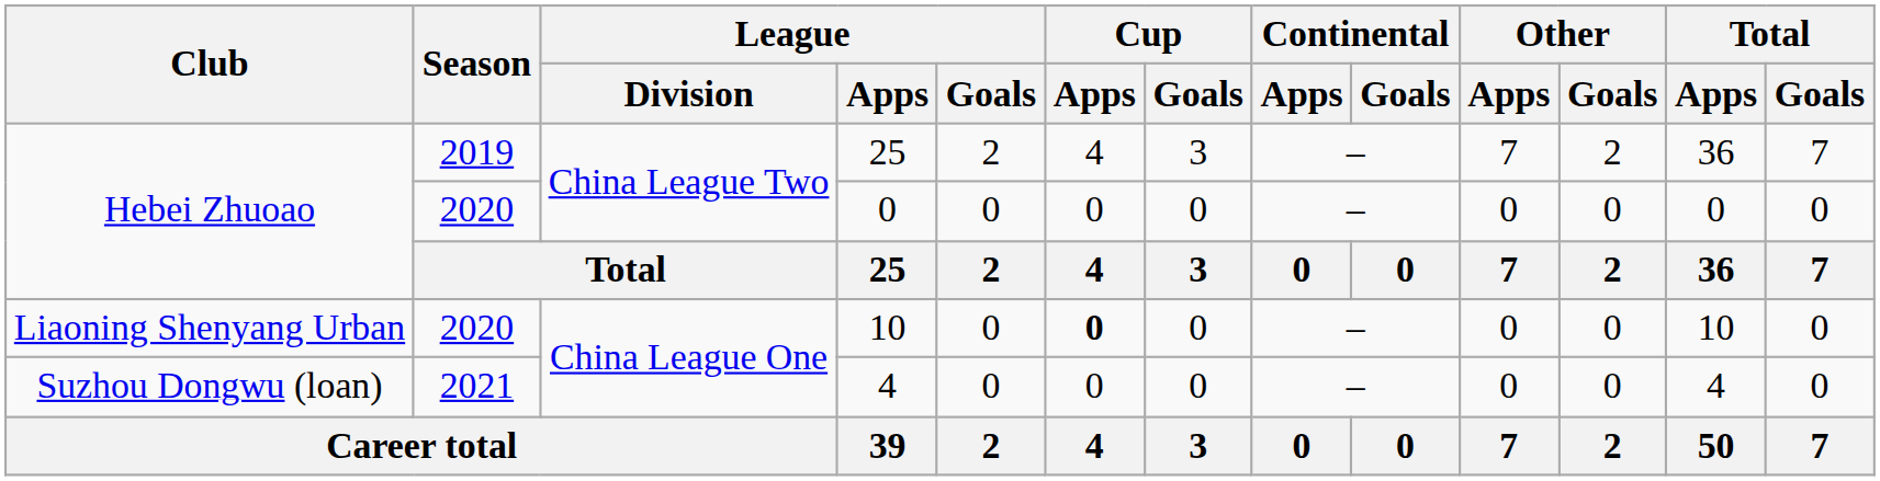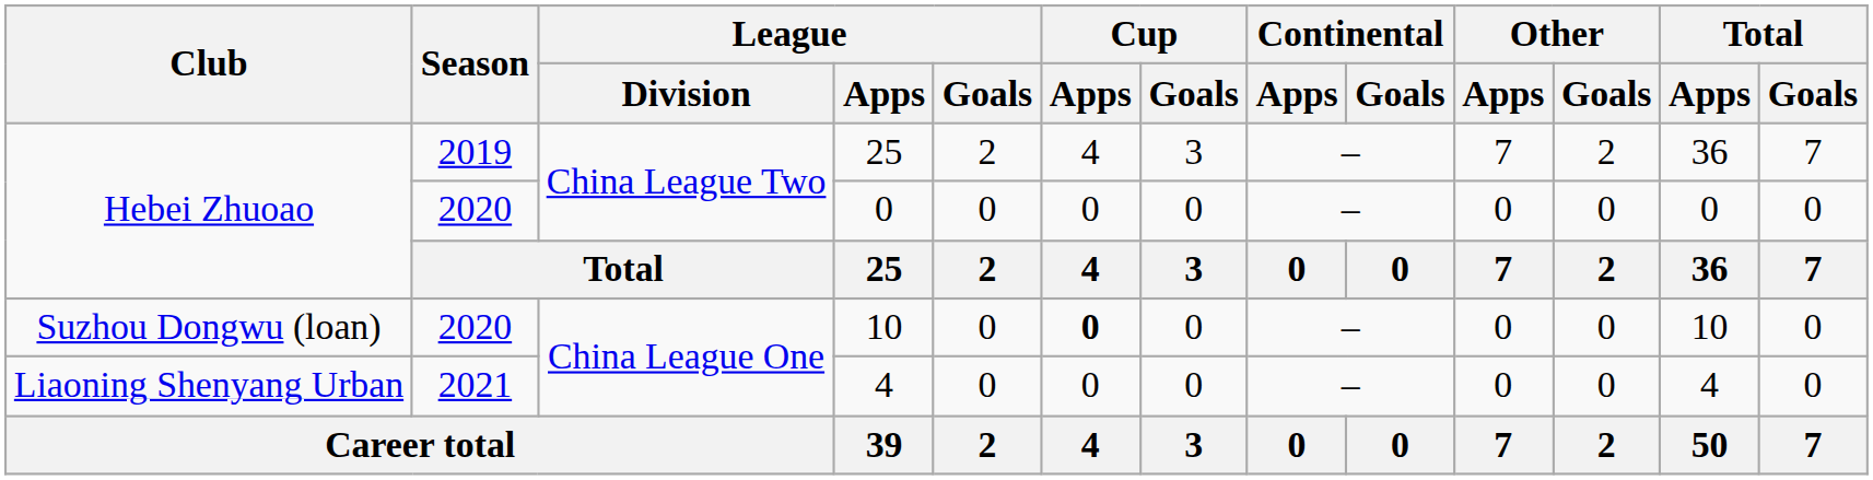 <table class="wikitable" style="text-align: center">
 <tr>
 <th rowspan="2">Club</th>
 <th rowspan="2">Season</th>
 <th colspan="3">League</th>
 <th colspan="2">Cup</th>
 <th colspan="2">Continental</th>
 <th colspan="2">Other</th>
 <th colspan="2">Total</th>
 </tr>
 <tr>
 <th>Division</th>
 <th>Apps</th>
 <th>Goals</th>
 <th>Apps</th>
 <th>Goals</th>
 <th>Apps</th>
 <th>Goals</th>
 <th>Apps</th>
 <th>Goals</th>
 <th>Apps</th>
 <th>Goals</th>
 </tr>
 <tr>
 <td rowspan="3"><a href='#'>Hebei Zhuoao</a></td>
 <td><a href='#'>2019</a></td>
 <td rowspan="2"><a href='#'>China League Two</a></td>
 <td>25</td>
 <td>2</td>
 <td>4</td>
 <td>3</td>
 <td colspan="2">–</td>
 <td>7</td>
 <td>2</td>
 <td>36</td>
 <td>7</td>
 </tr>
 <tr>
 <td><a href='#'>2020</a></td>
 <td>0</td>
 <td>0</td>
 <td>0</td>
 <td>0</td>
 <td colspan="2">–</td>
 <td>0</td>
 <td>0</td>
 <td>0</td>
 <td>0</td>
 </tr>
 <tr>
 <th colspan=2>Total</th>
 <th>25</th>
 <th>2</th>
 <th>4</th>
 <th>3</th>
 <th>0</th>
 <th>0</th>
 <th>7</th>
 <th>2</th>
 <th>36</th>
 <th>7</th>
 </tr>
 <tr>
-<td><a href='#'>Liaoning Shenyang Urban</a></td>
+<td><a href='#'>Suzhou Dongwu</a> (loan)</td>
 <td><a href='#'>2020</a></td>
 <td rowspan="2"><a href='#'>China League One</a></td>
 <td>10</td>
 <td>0</td>
 <td><strong>0</strong></td>
 <td>0</td>
 <td colspan="2">–</td>
 <td>0</td>
 <td>0</td>
 <td>10</td>
 <td>0</td>
 </tr>
 <tr>
-<td><a href='#'>Suzhou Dongwu</a> (loan)</td>
+<td><a href='#'>Liaoning Shenyang Urban</a></td>
 <td><a href='#'>2021</a></td>
 <td>4</td>
 <td>0</td>
 <td>0</td>
 <td>0</td>
 <td colspan="2">–</td>
 <td>0</td>
 <td>0</td>
 <td>4</td>
 <td>0</td>
 </tr>
 <tr>
 <th colspan=3>Career total</th>
 <th>39</th>
 <th>2</th>
 <th>4</th>
 <th>3</th>
 <th>0</th>
 <th>0</th>
 <th>7</th>
 <th>2</th>
 <th>50</th>
 <th>7</th>
 </tr>
 </table>
